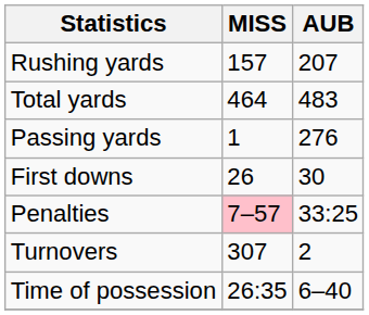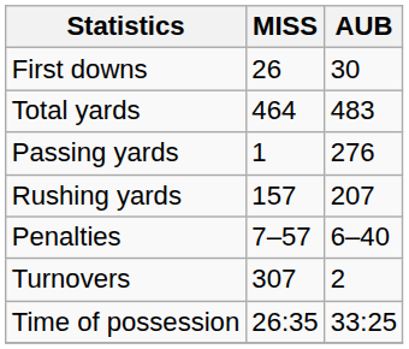 <table class="wikitable" style="float: left;">
 <tr>
 <th>Statistics</th>
 <th>MISS</th>
 <th>AUB</th>
 </tr>
 <tr>
-<td>Rushing yards</td>
-<td>157</td>
-<td>207</td>
+<td>First downs</td>
+<td>26</td>
+<td>30</td>
 </tr>
 <tr>
 <td>Total yards</td>
 <td>464</td>
 <td>483</td>
 </tr>
 <tr>
 <td>Passing yards</td>
 <td>1</td>
 <td>276</td>
 </tr>
 <tr>
-<td>First downs</td>
-<td>26</td>
-<td>30</td>
+<td>Rushing yards</td>
+<td>157</td>
+<td>207</td>
 </tr>
 <tr>
 <td>Penalties</td>
-<td style="background: pink;">7–57</td>
-<td>33:25</td>
+<td>7–57</td>
+<td>6–40</td>
 </tr>
 <tr>
 <td>Turnovers</td>
 <td>307</td>
 <td>2</td>
 </tr>
 <tr>
 <td>Time of possession</td>
 <td>26:35</td>
-<td>6–40</td>
+<td>33:25</td>
 </tr>
 <tr>
 </tr>
 </table>
